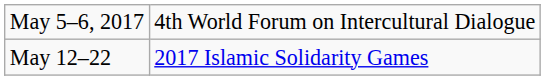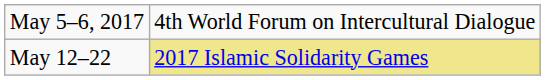 <table class="wikitable">
 <tr>
 <td>May 5–6, 2017</td>
 <td>4th World Forum on Intercultural Dialogue </td>
 </tr>
 <tr>
 <td>May 12–22</td>
-<td><a href='#'>2017 Islamic Solidarity Games</a></td>
+<td style="background: khaki;"><a href='#'>2017 Islamic Solidarity Games</a></td>
 </tr>
 </table>
